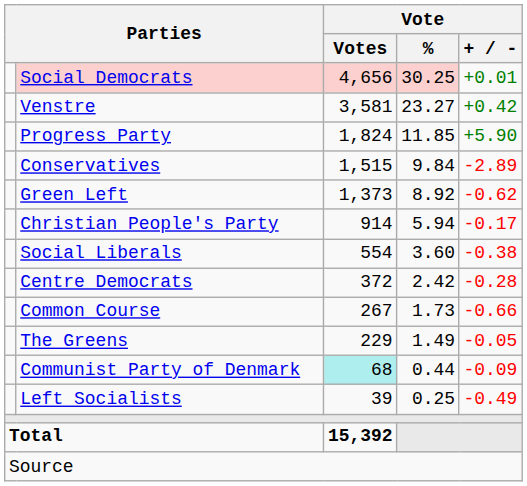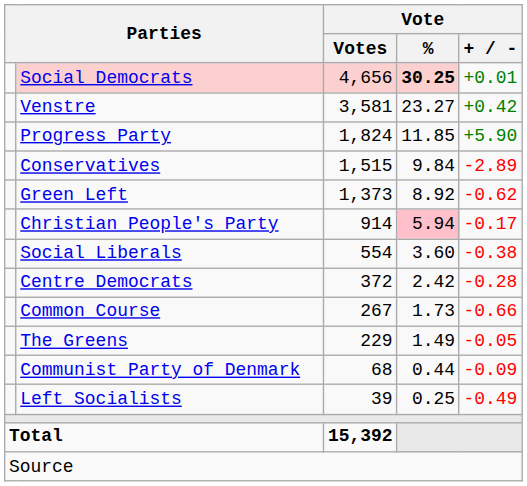 <table class="wikitable" style="text-align:right;">
 <tr>
 <th style="text-align:centre;" rowspan="2" colspan="2" width="225">Parties</th>
 <th colspan="3">Vote</th>
 </tr>
 <tr>
 <th width="15">Votes</th>
 <th width="15">%</th>
 <th width="15">+ / -</th>
 </tr>
 <tr>
 <td width="2" style="color:inherit;background:"></td>
 <td bgcolor=#fbd0ce  align="left"><a href='#'>Social Democrats</a></td>
 <td bgcolor=#fbd0ce>4,656</td>
-<td bgcolor=#fbd0ce>30.25</td>
+<td bgcolor=#fbd0ce><strong>30.25</strong></td>
 <td style=color:green;>+0.01</td>
 </tr>
 <tr>
 <td width="2" style="color:inherit;background:"></td>
 <td align="left"><a href='#'>Venstre</a></td>
 <td>3,581</td>
 <td>23.27</td>
 <td style=color:green;>+0.42</td>
 </tr>
 <tr>
 <td width="2" style="color:inherit;background:"></td>
 <td align="left"><a href='#'>Progress Party</a></td>
 <td>1,824</td>
 <td>11.85</td>
 <td style=color:green;>+5.90</td>
 </tr>
 <tr>
 <td width="2" style="color:inherit;background:"></td>
 <td align="left"><a href='#'>Conservatives</a></td>
 <td>1,515</td>
 <td>9.84</td>
 <td style=color:red;>-2.89</td>
 </tr>
 <tr>
 <td width="2" style="color:inherit;background:"></td>
 <td align="left"><a href='#'>Green Left</a></td>
 <td>1,373</td>
 <td>8.92</td>
 <td style=color:red;>-0.62</td>
 </tr>
 <tr>
 <td width="2" style="color:inherit;background:"></td>
 <td align="left"><a href='#'>Christian People's Party</a></td>
 <td>914</td>
-<td>5.94</td>
+<td style="background: pink;">5.94</td>
 <td style=color:red;>-0.17</td>
 </tr>
 <tr>
 <td width="2" style="color:inherit;background:"></td>
 <td align="left"><a href='#'>Social Liberals</a></td>
 <td>554</td>
 <td>3.60</td>
 <td style=color:red;>-0.38</td>
 </tr>
 <tr>
 <td width="2" style="color:inherit;background:"></td>
 <td align="left"><a href='#'>Centre Democrats</a></td>
 <td>372</td>
 <td>2.42</td>
 <td style=color:red;>-0.28</td>
 </tr>
 <tr>
 <td width="2" style="color:inherit;background:"></td>
 <td align="left"><a href='#'>Common Course</a></td>
 <td>267</td>
 <td>1.73</td>
 <td style=color:red;>-0.66</td>
 </tr>
 <tr>
 <td width="2" style="color:inherit;background:"></td>
 <td align="left"><a href='#'>The Greens</a></td>
 <td>229</td>
 <td>1.49</td>
 <td style=color:red;>-0.05</td>
 </tr>
 <tr>
 <td width="2" style="color:inherit;background:"></td>
 <td align="left"><a href='#'>Communist Party of Denmark</a></td>
-<td style="background: paleturquoise;">68</td>
+<td>68</td>
 <td>0.44</td>
 <td style=color:red;>-0.09</td>
 </tr>
 <tr>
 <td width="2" style="color:inherit;background:"></td>
 <td align="left"><a href='#'>Left Socialists</a></td>
 <td>39</td>
 <td>0.25</td>
 <td style=color:red;>-0.49</td>
 </tr>
 <tr>
 <td colspan="7" bgcolor="#E9E9E9"></td>
 </tr>
 <tr>
 <td align="left" colspan="2"><strong>Total</strong></td>
 <td><strong>15,392</strong></td>
 <td bgcolor="#E9E9E9" colspan="2"></td>
 </tr>
 <tr>
 <td align="left" colspan="6">Source</td>
 </tr>
 </table>
